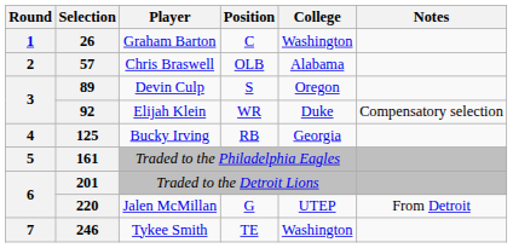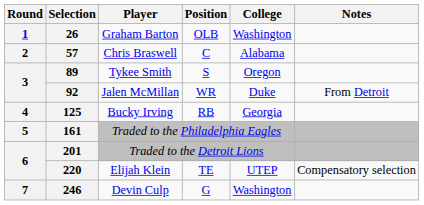 <table class="wikitable" style="text-align:center">
 <tr>
 <th>Round</th>
 <th>Selection</th>
 <th>Player</th>
 <th>Position</th>
 <th>College</th>
 <th>Notes</th>
 </tr>
 <tr>
 <th><a href='#'>1</a></th>
 <th>26</th>
 <td><a href='#'>Graham Barton</a></td>
-<td><a href='#'>C</a></td>
+<td><a href='#'>OLB</a></td>
 <td><a href='#'>Washington</a></td>
 <td></td>
 </tr>
 <tr>
 <th>2</th>
 <th>57</th>
 <td><a href='#'>Chris Braswell</a></td>
-<td><a href='#'>OLB</a></td>
+<td><a href='#'>C</a></td>
 <td><a href='#'>Alabama</a></td>
 <td></td>
 </tr>
 <tr>
 <th rowspan="2">3</th>
 <th>89</th>
-<td><a href='#'>Devin Culp</a></td>
+<td><a href='#'>Tykee Smith</a></td>
 <td><a href='#'>S</a></td>
 <td><a href='#'>Oregon</a></td>
 <td></td>
 </tr>
 <tr>
 <th>92</th>
-<td><a href='#'>Elijah Klein</a></td>
+<td><a href='#'>Jalen McMillan</a></td>
 <td><a href='#'>WR</a></td>
 <td><a href='#'>Duke</a></td>
-<td>Compensatory selection</td>
+<td>From <a href='#'>Detroit</a></td>
 </tr>
 <tr>
 <th>4</th>
 <th>125</th>
 <td><a href='#'>Bucky Irving</a></td>
 <td><a href='#'>RB</a></td>
 <td><a href='#'>Georgia</a></td>
 <td></td>
 </tr>
 <tr>
 <th>5</th>
 <th>161</th>
 <td colspan="3" style="background:#BFBFBF"><em>Traded to the <a href='#'>Philadelphia Eagles</a></em></td>
 <td style="background:#BFBFBF"></td>
 </tr>
 <tr>
 <th rowspan="2">6</th>
 <th>201</th>
 <td colspan="3" style="background:#BFBFBF"><em>Traded to the <a href='#'>Detroit Lions</a></em></td>
 <td style="background:#BFBFBF"></td>
 </tr>
 <tr>
 <th>220</th>
-<td><a href='#'>Jalen McMillan</a></td>
-<td><a href='#'>G</a></td>
+<td><a href='#'>Elijah Klein</a></td>
+<td><a href='#'>TE</a></td>
 <td><a href='#'>UTEP</a></td>
-<td>From <a href='#'>Detroit</a></td>
+<td>Compensatory selection</td>
 </tr>
 <tr>
 <th>7</th>
 <th>246</th>
-<td><a href='#'>Tykee Smith</a></td>
-<td><a href='#'>TE</a></td>
+<td><a href='#'>Devin Culp</a></td>
+<td><a href='#'>G</a></td>
 <td><a href='#'>Washington</a></td>
 <td></td>
 </tr>
 </table>
